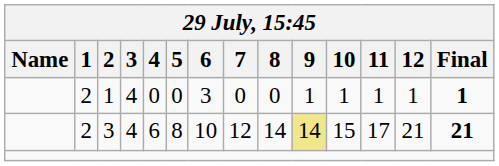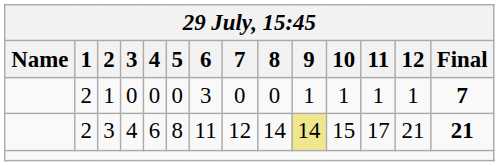 <table class=wikitable style="text-align:center; width: 55%">
 <tr>
 <th colspan=14><em>29 July, 15:45</em></th>
 </tr>
 <tr>
 <th>Name</th>
 <th>1</th>
 <th>2</th>
 <th>3</th>
 <th>4</th>
 <th>5</th>
 <th>6</th>
 <th>7</th>
 <th>8</th>
 <th>9</th>
 <th>10</th>
 <th>11</th>
 <th>12</th>
 <th>Final</th>
 </tr>
 <tr>
 <td align=left></td>
 <td>2</td>
 <td>1</td>
-<td>4</td>
+<td>0</td>
 <td>0</td>
 <td>0</td>
 <td>3</td>
 <td>0</td>
 <td>0</td>
 <td>1</td>
 <td>1</td>
 <td>1</td>
 <td>1</td>
-<td><strong>1</strong></td>
+<td><strong>7</strong></td>
 </tr>
 <tr>
 <td align=left><strong></strong></td>
 <td>2</td>
 <td>3</td>
 <td>4</td>
 <td>6</td>
 <td>8</td>
-<td>10</td>
+<td>11</td>
 <td>12</td>
 <td>14</td>
 <td style="background: khaki;">14</td>
 <td>15</td>
 <td>17</td>
 <td>21</td>
 <td><strong>21</strong></td>
 </tr>
 <tr>
 <td colspan=14></td>
 </tr>
 </table>
